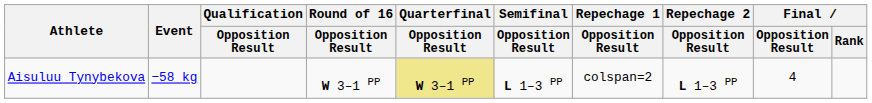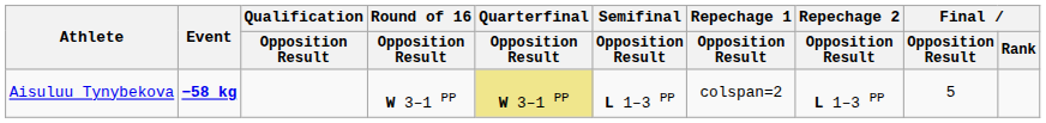 <table class="wikitable" style="font-size:90%">
 <tr>
 <th rowspan=2>Athlete</th>
 <th rowspan=2>Event</th>
 <th>Qualification</th>
 <th>Round of 16</th>
 <th>Quarterfinal</th>
 <th>Semifinal</th>
 <th>Repechage 1</th>
 <th>Repechage 2</th>
 <th colspan=2>Final / </th>
 </tr>
 <tr style="font-size: 95%">
 <th>Opposition<br>Result</th>
 <th>Opposition<br>Result</th>
 <th>Opposition<br>Result</th>
 <th>Opposition<br>Result</th>
 <th>Opposition<br>Result</th>
 <th>Opposition<br>Result</th>
 <th>Opposition<br>Result</th>
 <th>Rank</th>
 </tr>
 <tr align=center>
 <td align=left><a href='#'>Aisuluu Tynybekova</a></td>
-<td align=left><a href='#'>−58 kg</a></td>
+<td align=left><strong><a href='#'>−58 kg</a></strong></td>
 <td></td>
 <td><br><strong>W</strong> 3–1 <sup>PP</sup></td>
 <td style="background: khaki;"><br><strong>W</strong> 3–1 <sup>PP</sup></td>
 <td><br><strong>L</strong> 1–3 <sup>PP</sup></td>
 <td>colspan=2 </td>
 <td><br><strong>L</strong> 1–3 <sup>PP</sup></td>
-<td>4</td>
+<td>5</td>
 </tr>
 </table>
